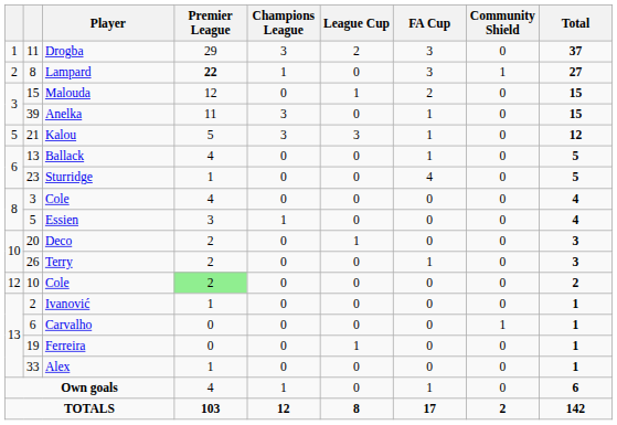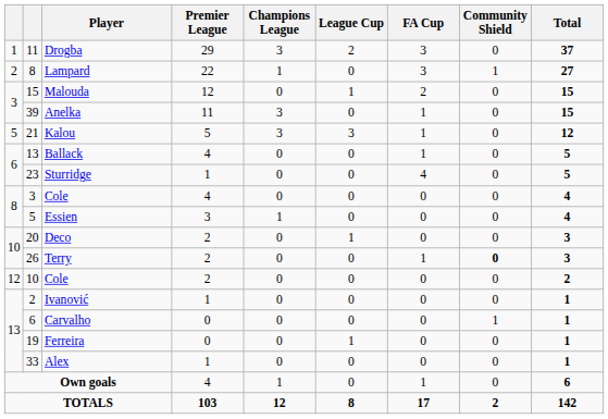 <table class="wikitable sortable" style="font-size: 95%; text-align: center;">
 <tr>
 <th width=10></th>
 <th width=10></th>
 <th width=150>Player</th>
 <th width=80>Premier League</th>
 <th width=80>Champions League</th>
 <th width=80>League Cup</th>
 <th width=80>FA Cup</th>
 <th width=80>Community Shield</th>
 <th width=80>Total</th>
 </tr>
 <tr>
 <td>1</td>
 <td>11</td>
 <td align=left> <a href='#'>Drogba</a></td>
 <td>29</td>
 <td>3</td>
 <td>2</td>
 <td>3</td>
 <td>0</td>
 <td><strong>37</strong></td>
 </tr>
 <tr>
 <td>2</td>
 <td>8</td>
 <td align=left> <a href='#'>Lampard</a></td>
-<td><strong>22</strong></td>
+<td>22</td>
 <td>1</td>
 <td>0</td>
 <td>3</td>
 <td>1</td>
 <td><strong>27</strong></td>
 </tr>
 <tr>
 <td rowspan="2">3</td>
 <td>15</td>
 <td align=left> <a href='#'>Malouda</a></td>
 <td>12</td>
 <td>0</td>
 <td>1</td>
 <td>2</td>
 <td>0</td>
 <td><strong>15</strong></td>
 </tr>
 <tr>
 <td>39</td>
 <td align=left> <a href='#'>Anelka</a></td>
 <td>11</td>
 <td>3</td>
 <td>0</td>
 <td>1</td>
 <td>0</td>
 <td><strong>15</strong></td>
 </tr>
 <tr>
 <td>5</td>
 <td>21</td>
 <td align=left> <a href='#'>Kalou</a></td>
 <td>5</td>
 <td>3</td>
 <td>3</td>
 <td>1</td>
 <td>0</td>
 <td><strong>12</strong></td>
 </tr>
 <tr>
 <td rowspan="2">6</td>
 <td>13</td>
 <td align=left> <a href='#'>Ballack</a></td>
 <td>4</td>
 <td>0</td>
 <td>0</td>
 <td>1</td>
 <td>0</td>
 <td><strong>5</strong></td>
 </tr>
 <tr>
 <td>23</td>
 <td align=left> <a href='#'>Sturridge</a></td>
 <td>1</td>
 <td>0</td>
 <td>0</td>
 <td>4</td>
 <td>0</td>
 <td><strong>5</strong></td>
 </tr>
 <tr>
 <td rowspan="2">8</td>
 <td>3</td>
 <td align=left> <a href='#'>Cole</a></td>
 <td>4</td>
 <td>0</td>
 <td>0</td>
 <td>0</td>
 <td>0</td>
 <td><strong>4</strong></td>
 </tr>
 <tr>
 <td>5</td>
 <td align=left> <a href='#'>Essien</a></td>
 <td>3</td>
 <td>1</td>
 <td>0</td>
 <td>0</td>
 <td>0</td>
 <td><strong>4</strong></td>
 </tr>
 <tr>
 <td rowspan="2">10</td>
 <td>20</td>
 <td align=left> <a href='#'>Deco</a></td>
 <td>2</td>
 <td>0</td>
 <td>1</td>
 <td>0</td>
 <td>0</td>
 <td><strong>3</strong></td>
 </tr>
 <tr>
 <td>26</td>
 <td align=left> <a href='#'>Terry</a></td>
 <td>2</td>
 <td>0</td>
 <td>0</td>
 <td>1</td>
-<td>0</td>
+<td><strong>0</strong></td>
 <td><strong>3</strong></td>
 </tr>
 <tr>
 <td>12</td>
 <td>10</td>
 <td align=left> <a href='#'>Cole</a></td>
-<td style="background: lightgreen;">2</td>
+<td>2</td>
 <td>0</td>
 <td>0</td>
 <td>0</td>
 <td>0</td>
 <td><strong>2</strong></td>
 </tr>
 <tr>
 <td rowspan="4">13</td>
 <td>2</td>
 <td align=left> <a href='#'>Ivanović</a></td>
 <td>1</td>
 <td>0</td>
 <td>0</td>
 <td>0</td>
 <td>0</td>
 <td><strong>1</strong></td>
 </tr>
 <tr>
 <td>6</td>
 <td align=left> <a href='#'>Carvalho</a></td>
 <td>0</td>
 <td>0</td>
 <td>0</td>
 <td>0</td>
 <td>1</td>
 <td><strong>1</strong></td>
 </tr>
 <tr>
 <td>19</td>
 <td align=left> <a href='#'>Ferreira</a></td>
 <td>0</td>
 <td>0</td>
 <td>1</td>
 <td>0</td>
 <td>0</td>
 <td><strong>1</strong></td>
 </tr>
 <tr>
 <td>33</td>
 <td align=left> <a href='#'>Alex</a></td>
 <td>1</td>
 <td>0</td>
 <td>0</td>
 <td>0</td>
 <td>0</td>
 <td><strong>1</strong></td>
 </tr>
 <tr>
 <td colspan="3"><strong>Own goals</strong></td>
 <td>4</td>
 <td>1</td>
 <td>0</td>
 <td>1</td>
 <td>0</td>
 <td><strong>6</strong></td>
 </tr>
 <tr>
 <td colspan="3"><strong>TOTALS</strong></td>
 <td><strong>103</strong></td>
 <td><strong>12</strong></td>
 <td><strong>8</strong></td>
 <td><strong>17</strong></td>
 <td><strong>2</strong></td>
 <td><strong>142</strong></td>
 </tr>
 </table>
